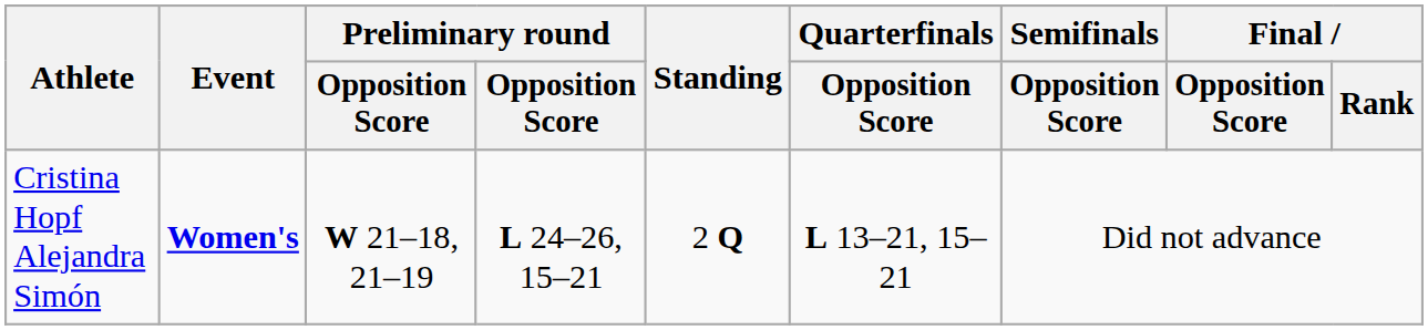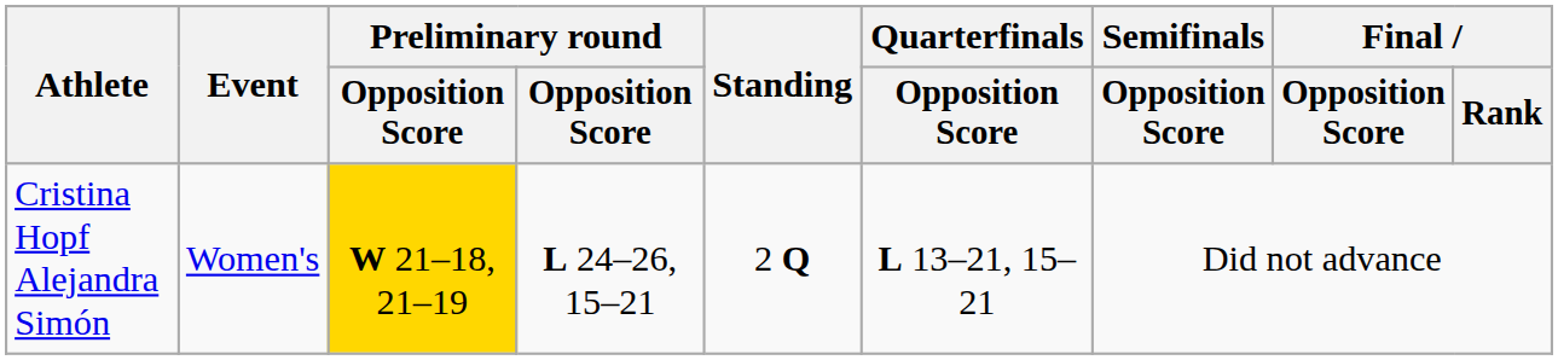 <table class=wikitable style="font-size:90%">
 <tr>
 <th rowspan=2>Athlete</th>
 <th rowspan=2>Event</th>
 <th colspan=2>Preliminary round</th>
 <th rowspan=2>Standing</th>
 <th>Quarterfinals</th>
 <th>Semifinals</th>
 <th colspan=2>Final / </th>
 </tr>
 <tr style="font-size:95%">
 <th>Opposition<br>Score</th>
 <th>Opposition<br>Score</th>
 <th>Opposition<br>Score</th>
 <th>Opposition<br>Score</th>
 <th>Opposition<br>Score</th>
 <th>Rank</th>
 </tr>
 <tr align=center>
 <td align=left><a href='#'>Cristina Hopf</a><br><a href='#'>Alejandra Simón</a></td>
-<td align=left><strong><a href='#'>Women's</a></strong></td>
-<td><br><strong>W</strong> 21–18, 21–19</td>
+<td align=left><a href='#'>Women's</a></td>
+<td style="background: gold;"><br><strong>W</strong> 21–18, 21–19</td>
 <td><br><strong>L</strong> 24–26, 15–21</td>
 <td>2 <strong>Q</strong></td>
 <td><br><strong>L</strong> 13–21, 15–21</td>
 <td colspan=3>Did not advance</td>
 </tr>
 </table>
